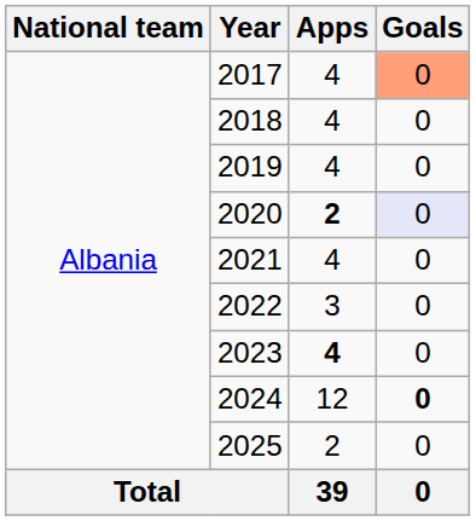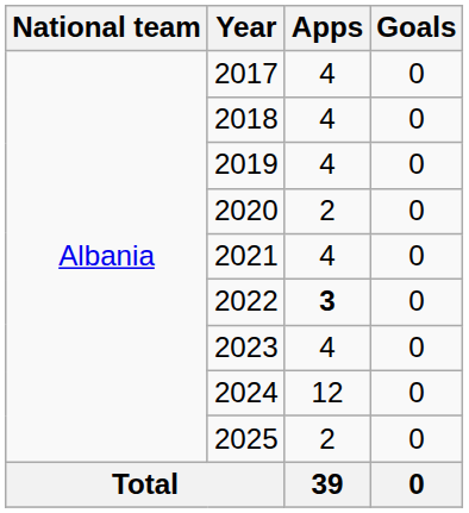 <table class="wikitable" style="text-align:center">
 <tr>
 <th>National team</th>
 <th>Year</th>
 <th>Apps</th>
 <th>Goals</th>
 </tr>
 <tr>
 <td rowspan="9"><a href='#'>Albania</a></td>
 <td>2017</td>
 <td>4</td>
-<td style="background: lightsalmon;">0</td>
+<td>0</td>
 </tr>
 <tr>
 <td>2018</td>
 <td>4</td>
 <td>0</td>
 </tr>
 <tr>
 <td>2019</td>
 <td>4</td>
 <td>0</td>
 </tr>
 <tr>
 <td>2020</td>
-<td><strong>2</strong></td>
-<td style="background: lavender;">0</td>
+<td>2</td>
+<td>0</td>
 </tr>
 <tr>
 <td>2021</td>
 <td>4</td>
 <td>0</td>
 </tr>
 <tr>
 <td>2022</td>
-<td>3</td>
+<td><strong>3</strong></td>
 <td>0</td>
 </tr>
 <tr>
 <td>2023</td>
-<td><strong>4</strong></td>
+<td>4</td>
 <td>0</td>
 </tr>
 <tr>
 <td>2024</td>
 <td>12</td>
-<td><strong>0</strong></td>
+<td>0</td>
 </tr>
 <tr>
 <td>2025</td>
 <td>2</td>
 <td>0</td>
 </tr>
 <tr>
 <th colspan="2">Total</th>
 <th>39</th>
 <th>0</th>
 </tr>
 </table>
